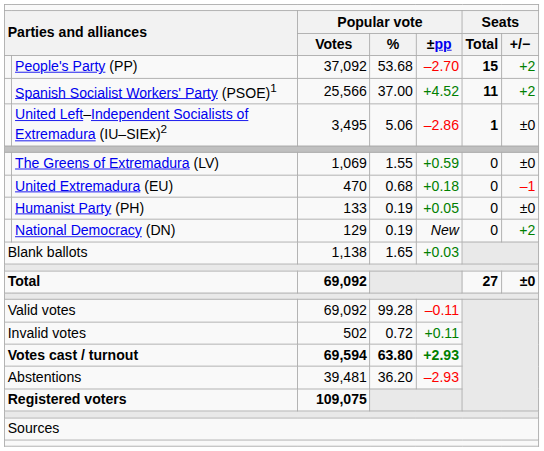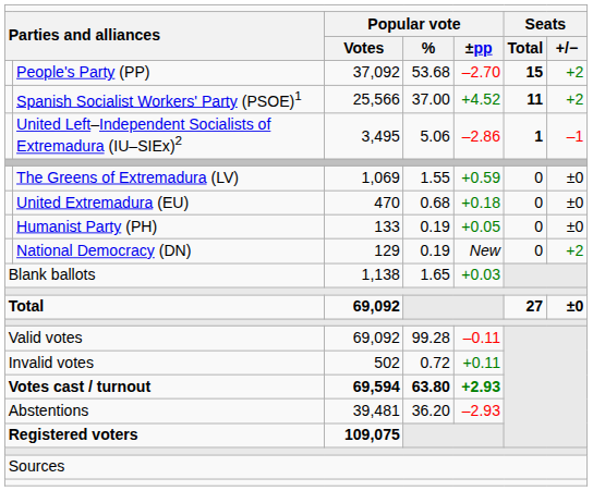 <table class="wikitable" style="text-align:right;">
 <tr>
 <td colspan="7"></td>
 </tr>
 <tr>
 <th style="text-align:left;" rowspan="2" colspan="2" width="525">Parties and alliances</th>
 <th colspan="3">Popular vote</th>
 <th colspan="2">Seats</th>
 </tr>
 <tr>
 <th width="75">Votes</th>
 <th width="45">%</th>
 <th width="45">±<a href='#'>pp</a></th>
 <th width="35">Total</th>
 <th width="35">+/−</th>
 </tr>
 <tr>
 <td width="1" style="color:inherit;background:"></td>
 <td align="left"><a href='#'>People's Party</a> (PP)</td>
 <td>37,092</td>
 <td>53.68</td>
 <td style="color:red;">–2.70</td>
 <td><strong>15</strong></td>
 <td style="color:green;">+2</td>
 </tr>
 <tr>
 <td style="color:inherit;background:"></td>
 <td align="left"><a href='#'>Spanish Socialist Workers' Party</a> (PSOE)<sup>1</sup></td>
 <td>25,566</td>
 <td>37.00</td>
 <td style="color:green;">+4.52</td>
 <td><strong>11</strong></td>
 <td style="color:green;">+2</td>
 </tr>
 <tr>
 <td style="color:inherit;background:"></td>
 <td align="left"><a href='#'>United Left</a>–<a href='#'>Independent Socialists of Extremadura</a> (IU–SIEx)<sup>2</sup></td>
 <td>3,495</td>
 <td>5.06</td>
 <td style="color:red;">–2.86</td>
 <td><strong>1</strong></td>
-<td>±0</td>
+<td style="color:red;">–1</td>
 </tr>
 <tr>
 <td colspan="7" bgcolor="#C0C0C0"></td>
 </tr>
 <tr>
 <td style="color:inherit;background:"></td>
 <td align="left"><a href='#'>The Greens of Extremadura</a> (LV)</td>
 <td>1,069</td>
 <td>1.55</td>
 <td style="color:green;">+0.59</td>
 <td>0</td>
 <td>±0</td>
 </tr>
 <tr>
 <td style="color:inherit;background:"></td>
 <td align="left"><a href='#'>United Extremadura</a> (EU)</td>
 <td>470</td>
 <td>0.68</td>
 <td style="color:green;">+0.18</td>
 <td>0</td>
-<td style="color:red;">–1</td>
+<td>±0</td>
 </tr>
 <tr>
 <td style="color:inherit;background:"></td>
 <td align="left"><a href='#'>Humanist Party</a> (PH)</td>
 <td>133</td>
 <td>0.19</td>
 <td style="color:green;">+0.05</td>
 <td>0</td>
 <td>±0</td>
 </tr>
 <tr>
 <td style="color:inherit;background:"></td>
 <td align="left"><a href='#'>National Democracy</a> (DN)</td>
 <td>129</td>
 <td>0.19</td>
 <td><em>New</em></td>
 <td>0</td>
 <td style="color:green;">+2</td>
 </tr>
 <tr>
 <td align="left" colspan="2">Blank ballots</td>
 <td>1,138</td>
 <td>1.65</td>
 <td style="color:green;">+0.03</td>
 <td bgcolor="#E9E9E9" colspan="2"></td>
 </tr>
 <tr>
 <td colspan="7" bgcolor="#E9E9E9"></td>
 </tr>
 <tr style="font-weight:bold;">
 <td align="left" colspan="2">Total</td>
 <td>69,092</td>
 <td bgcolor="#E9E9E9" colspan="2"></td>
 <td>27</td>
 <td>±0</td>
 </tr>
 <tr>
 <td colspan="7" bgcolor="#E9E9E9"></td>
 </tr>
 <tr>
 <td align="left" colspan="2">Valid votes</td>
 <td>69,092</td>
 <td>99.28</td>
 <td style="color:red;">–0.11</td>
 <td bgcolor="#E9E9E9" colspan="2" rowspan="5"></td>
 </tr>
 <tr>
 <td align="left" colspan="2">Invalid votes</td>
 <td>502</td>
 <td>0.72</td>
 <td style="color:green;">+0.11</td>
 </tr>
 <tr style="font-weight:bold;">
 <td align="left" colspan="2">Votes cast / turnout</td>
 <td>69,594</td>
 <td>63.80</td>
 <td style="color:green;">+2.93</td>
 </tr>
 <tr>
 <td align="left" colspan="2">Abstentions</td>
 <td>39,481</td>
 <td>36.20</td>
 <td style="color:red;">–2.93</td>
 </tr>
 <tr style="font-weight:bold;">
 <td align="left" colspan="2">Registered voters</td>
 <td>109,075</td>
 <td bgcolor="#E9E9E9" colspan="2"></td>
 </tr>
 <tr>
 <td colspan="7" bgcolor="#E9E9E9"></td>
 </tr>
 <tr>
 <td align="left" colspan="7">Sources</td>
 </tr>
 <tr>
 <td colspan="7" style="text-align:left; max-width:790px;"></td>
 </tr>
 </table>
